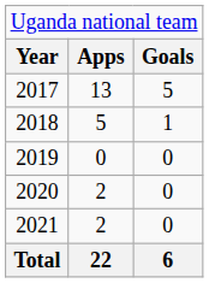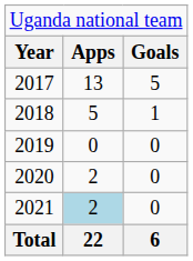 <table class="wikitable" style="text-align:center">
 <tr>
 <td colspan="3"><a href='#'>Uganda national team</a></td>
 </tr>
 <tr>
 <th>Year</th>
 <th>Apps</th>
 <th>Goals</th>
 </tr>
 <tr>
 <td>2017</td>
 <td>13</td>
 <td>5</td>
 </tr>
 <tr>
 <td>2018</td>
 <td>5</td>
 <td>1</td>
 </tr>
 <tr>
 <td>2019</td>
 <td>0</td>
 <td>0</td>
 </tr>
 <tr>
 <td>2020</td>
 <td>2</td>
 <td>0</td>
 </tr>
 <tr>
 <td>2021</td>
-<td>2</td>
+<td style="background: lightblue;">2</td>
 <td>0</td>
 </tr>
 <tr>
 <th>Total</th>
 <th>22</th>
 <th>6</th>
 </tr>
 </table>
